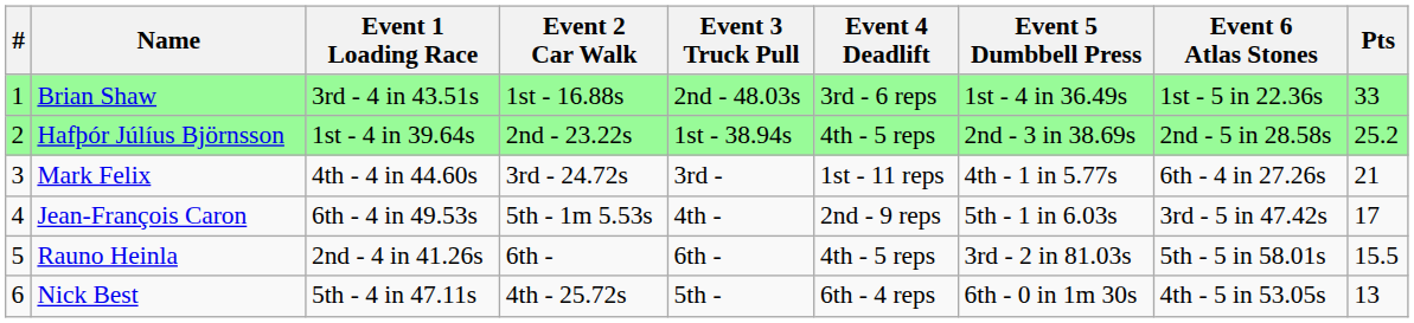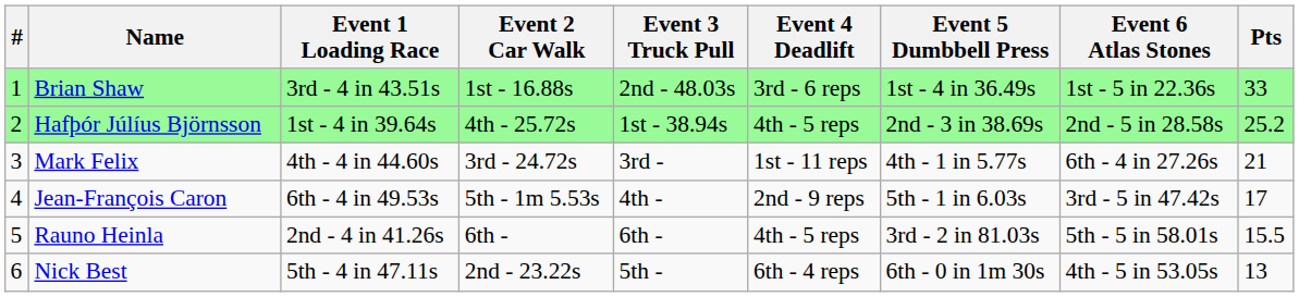 <table class="wikitable sortable" style="display: inline-table; width: 100%;">
 <tr>
 <th>#</th>
 <th>Name</th>
 <th>Event 1<br>Loading Race</th>
 <th>Event 2<br>Car Walk</th>
 <th>Event 3<br>Truck Pull</th>
 <th>Event 4<br>Deadlift</th>
 <th>Event 5<br>Dumbbell Press</th>
 <th>Event 6<br>Atlas Stones</th>
 <th>Pts</th>
 </tr>
 <tr style="background:palegreen">
 <td>1</td>
 <td> <a href='#'>Brian Shaw</a></td>
 <td>3rd - 4 in 43.51s</td>
 <td>1st - 16.88s</td>
 <td>2nd - 48.03s</td>
 <td>3rd - 6 reps</td>
 <td>1st - 4 in 36.49s</td>
 <td>1st - 5 in 22.36s</td>
 <td>33</td>
 </tr>
 <tr style="background:palegreen">
 <td>2</td>
 <td> <a href='#'>Hafþór Júlíus Björnsson</a></td>
 <td>1st - 4 in 39.64s</td>
-<td>2nd - 23.22s</td>
+<td>4th - 25.72s</td>
 <td>1st - 38.94s</td>
 <td>4th - 5 reps</td>
 <td>2nd - 3 in 38.69s</td>
 <td>2nd - 5 in 28.58s</td>
 <td>25.2</td>
 </tr>
 <tr>
 <td>3</td>
 <td> <a href='#'>Mark Felix</a></td>
 <td>4th - 4 in 44.60s</td>
 <td>3rd - 24.72s</td>
 <td>3rd - </td>
 <td>1st - 11 reps</td>
 <td>4th - 1 in 5.77s</td>
 <td>6th - 4 in 27.26s</td>
 <td>21</td>
 </tr>
 <tr>
 <td>4</td>
 <td> <a href='#'>Jean-François Caron</a></td>
 <td>6th - 4 in 49.53s</td>
 <td>5th - 1m 5.53s</td>
 <td>4th - </td>
 <td>2nd - 9 reps</td>
 <td>5th - 1 in 6.03s</td>
 <td>3rd - 5 in 47.42s</td>
 <td>17</td>
 </tr>
 <tr>
 <td>5</td>
 <td> <a href='#'>Rauno Heinla</a></td>
 <td>2nd - 4 in 41.26s</td>
 <td>6th - </td>
 <td>6th - </td>
 <td>4th - 5 reps</td>
 <td>3rd - 2 in 81.03s</td>
 <td>5th - 5 in 58.01s</td>
 <td>15.5</td>
 </tr>
 <tr>
 <td>6</td>
 <td> <a href='#'>Nick Best</a></td>
 <td>5th - 4 in 47.11s</td>
-<td>4th - 25.72s</td>
+<td>2nd - 23.22s</td>
 <td>5th - </td>
 <td>6th - 4 reps</td>
 <td>6th - 0 in 1m 30s</td>
 <td>4th - 5 in 53.05s</td>
 <td>13</td>
 </tr>
 </table>
